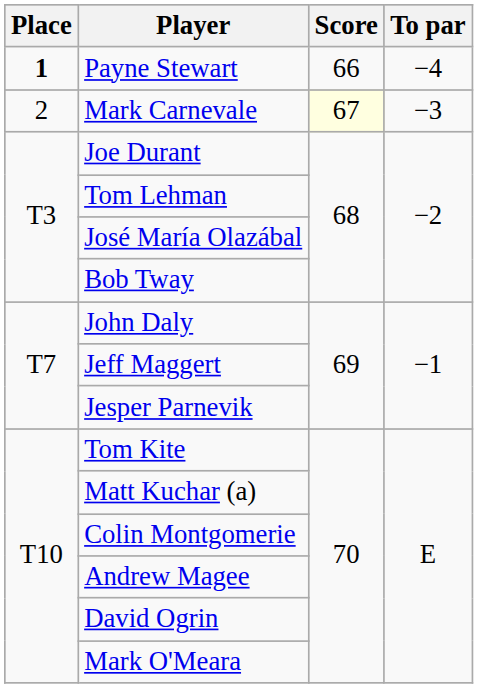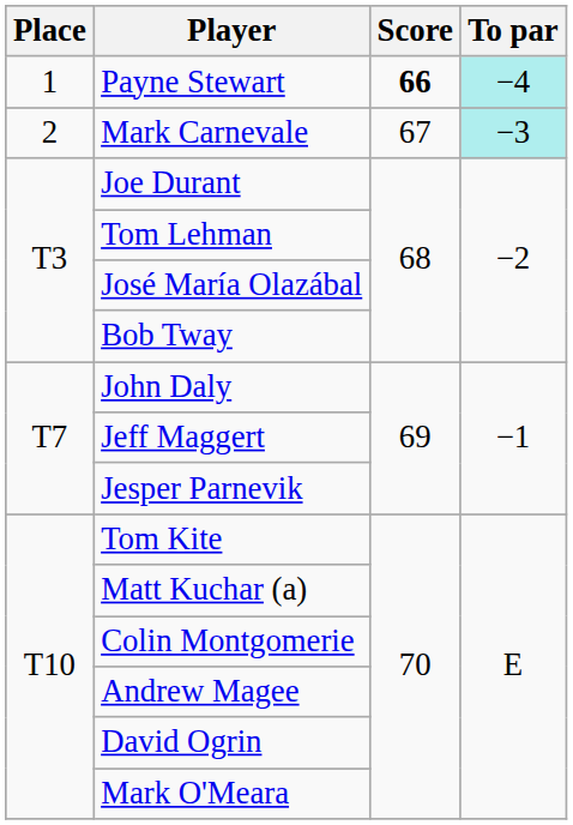 <table class="wikitable">
 <tr>
 <th>Place</th>
 <th>Player</th>
 <th>Score</th>
 <th>To par</th>
 </tr>
 <tr>
-<td align=center><strong>1</strong></td>
+<td align=center>1</td>
 <td> <a href='#'>Payne Stewart</a></td>
-<td align=center>66</td>
-<td align=center>−4</td>
+<td align=center><strong>66</strong></td>
+<td align=center style="background: paleturquoise;">−4</td>
 </tr>
 <tr>
 <td align=center>2</td>
 <td> <a href='#'>Mark Carnevale</a></td>
-<td align=center style="background: lightyellow;">67</td>
-<td align=center>−3</td>
+<td align=center>67</td>
+<td align=center style="background: paleturquoise;">−3</td>
 </tr>
 <tr>
 <td rowspan="4" align=center>T3</td>
 <td> <a href='#'>Joe Durant</a></td>
 <td rowspan="4" align=center>68</td>
 <td rowspan="4" align=center>−2</td>
 </tr>
 <tr>
 <td> <a href='#'>Tom Lehman</a></td>
 </tr>
 <tr>
 <td> <a href='#'>José María Olazábal</a></td>
 </tr>
 <tr>
 <td> <a href='#'>Bob Tway</a></td>
 </tr>
 <tr>
 <td rowspan="3" align=center>T7</td>
 <td> <a href='#'>John Daly</a></td>
 <td rowspan="3" align=center>69</td>
 <td rowspan="3" align=center>−1</td>
 </tr>
 <tr>
 <td> <a href='#'>Jeff Maggert</a></td>
 </tr>
 <tr>
 <td> <a href='#'>Jesper Parnevik</a></td>
 </tr>
 <tr>
 <td rowspan="6" align=center>T10</td>
 <td> <a href='#'>Tom Kite</a></td>
 <td rowspan="6" align=center>70</td>
 <td rowspan="6" align=center>E</td>
 </tr>
 <tr>
 <td> <a href='#'>Matt Kuchar</a> (a)</td>
 </tr>
 <tr>
 <td> <a href='#'>Colin Montgomerie</a></td>
 </tr>
 <tr>
 <td> <a href='#'>Andrew Magee</a></td>
 </tr>
 <tr>
 <td> <a href='#'>David Ogrin</a></td>
 </tr>
 <tr>
 <td> <a href='#'>Mark O'Meara</a></td>
 </tr>
 </table>
